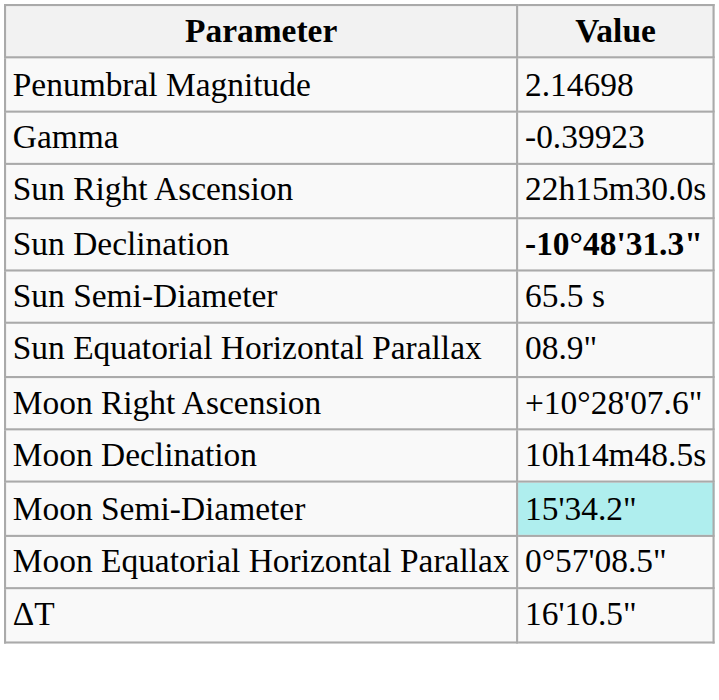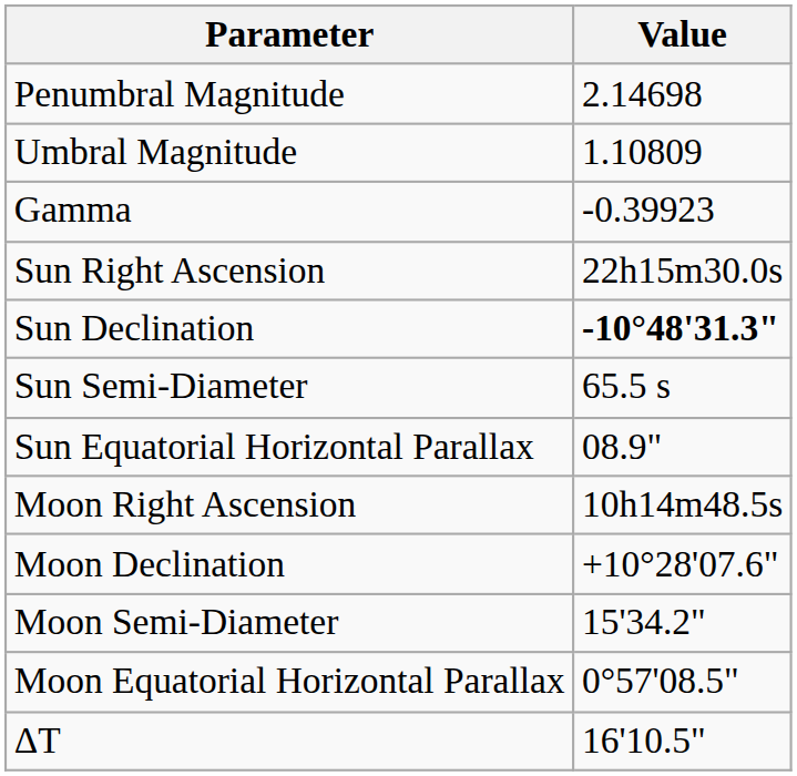 <table class="wikitable">
 <tr>
 <th>Parameter</th>
 <th>Value</th>
 </tr>
 <tr>
 <td>Penumbral Magnitude</td>
 <td>2.14698</td>
+</tr>
+<tr>
+<td>Umbral Magnitude</td>
+<td>1.10809</td>
 </tr>
 <tr>
 <td>Gamma</td>
 <td>-0.39923</td>
 </tr>
 <tr>
 <td>Sun Right Ascension</td>
 <td>22h15m30.0s</td>
 </tr>
 <tr>
 <td>Sun Declination</td>
 <td><strong>-10°48'31.3"</strong></td>
 </tr>
 <tr>
 <td>Sun Semi-Diameter</td>
 <td>65.5 s</td>
 </tr>
 <tr>
 <td>Sun Equatorial Horizontal Parallax</td>
 <td>08.9"</td>
 </tr>
 <tr>
 <td>Moon Right Ascension</td>
+<td>10h14m48.5s</td>
+</tr>
+<tr>
+<td>Moon Declination</td>
 <td>+10°28'07.6"</td>
 </tr>
 <tr>
-<td>Moon Declination</td>
-<td>10h14m48.5s</td>
-</tr>
-<tr>
 <td>Moon Semi-Diameter</td>
-<td style="background: paleturquoise;">15'34.2"</td>
+<td>15'34.2"</td>
 </tr>
 <tr>
 <td>Moon Equatorial Horizontal Parallax</td>
 <td>0°57'08.5"</td>
 </tr>
 <tr>
 <td>ΔT</td>
 <td>16'10.5"</td>
 </tr>
 </table>
